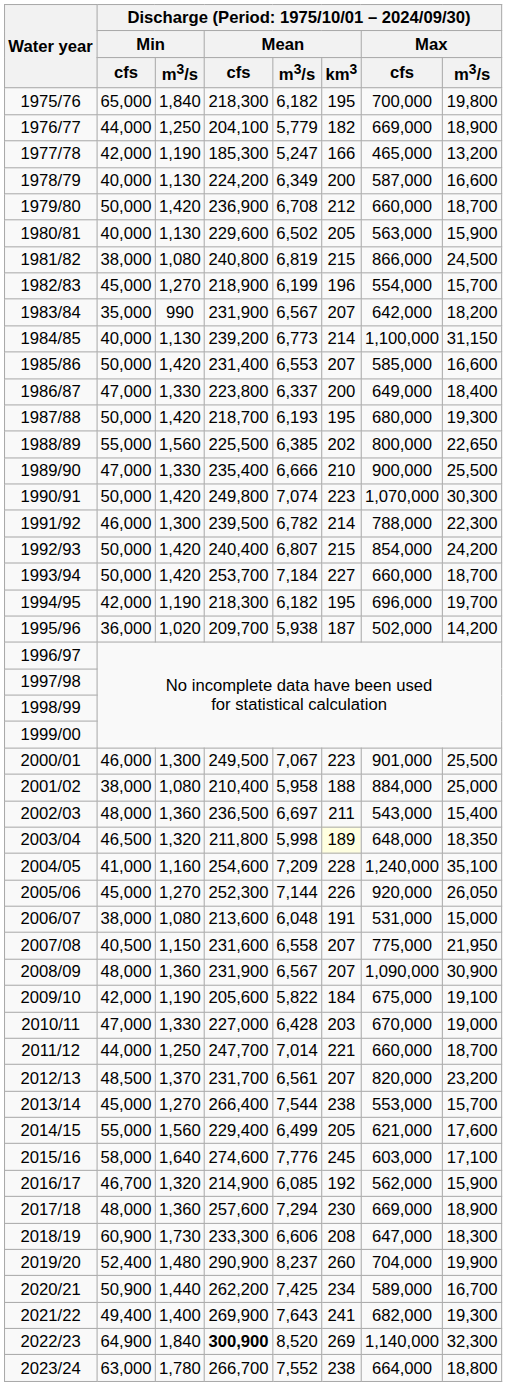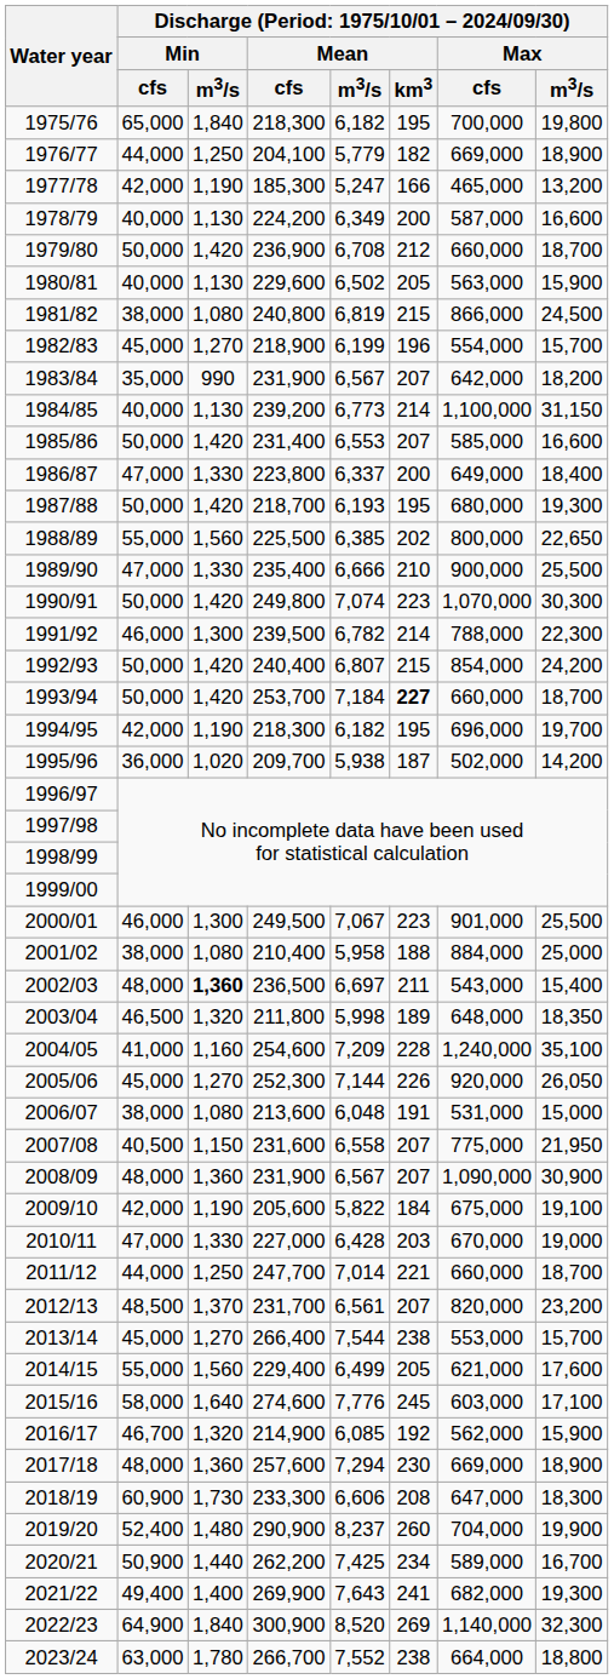 <table class="wikitable" style="text-align:center;">
 <tr>
 <th rowspan="3">Water year</th>
 <th colspan="7">Discharge (Period: 1975/10/01 – 2024/09/30)</th>
 </tr>
 <tr>
 <th colspan="2">Min</th>
 <th colspan="3">Mean</th>
 <th colspan="2">Max</th>
 </tr>
 <tr>
 <th>cfs</th>
 <th>m<sup>3</sup>/s</th>
 <th>cfs</th>
 <th>m<sup>3</sup>/s</th>
 <th>km<sup>3</sup></th>
 <th>cfs</th>
 <th>m<sup>3</sup>/s</th>
 </tr>
 <tr>
 <td>1975/76</td>
 <td>65,000</td>
 <td>1,840</td>
 <td>218,300</td>
 <td>6,182</td>
 <td>195</td>
 <td>700,000</td>
 <td>19,800</td>
 </tr>
 <tr>
 <td>1976/77</td>
 <td>44,000</td>
 <td>1,250</td>
 <td>204,100</td>
 <td>5,779</td>
 <td>182</td>
 <td>669,000</td>
 <td>18,900</td>
 </tr>
 <tr>
 <td>1977/78</td>
 <td>42,000</td>
 <td>1,190</td>
 <td>185,300</td>
 <td>5,247</td>
 <td>166</td>
 <td>465,000</td>
 <td>13,200</td>
 </tr>
 <tr>
 <td>1978/79</td>
 <td>40,000</td>
 <td>1,130</td>
 <td>224,200</td>
 <td>6,349</td>
 <td>200</td>
 <td>587,000</td>
 <td>16,600</td>
 </tr>
 <tr>
 <td>1979/80</td>
 <td>50,000</td>
 <td>1,420</td>
 <td>236,900</td>
 <td>6,708</td>
 <td>212</td>
 <td>660,000</td>
 <td>18,700</td>
 </tr>
 <tr>
 <td>1980/81</td>
 <td>40,000</td>
 <td>1,130</td>
 <td>229,600</td>
 <td>6,502</td>
 <td>205</td>
 <td>563,000</td>
 <td>15,900</td>
 </tr>
 <tr>
 <td>1981/82</td>
 <td>38,000</td>
 <td>1,080</td>
 <td>240,800</td>
 <td>6,819</td>
 <td>215</td>
 <td>866,000</td>
 <td>24,500</td>
 </tr>
 <tr>
 <td>1982/83</td>
 <td>45,000</td>
 <td>1,270</td>
 <td>218,900</td>
 <td>6,199</td>
 <td>196</td>
 <td>554,000</td>
 <td>15,700</td>
 </tr>
 <tr>
 <td>1983/84</td>
 <td>35,000</td>
 <td>990</td>
 <td>231,900</td>
 <td>6,567</td>
 <td>207</td>
 <td>642,000</td>
 <td>18,200</td>
 </tr>
 <tr>
 <td>1984/85</td>
 <td>40,000</td>
 <td>1,130</td>
 <td>239,200</td>
 <td>6,773</td>
 <td>214</td>
 <td>1,100,000</td>
 <td>31,150</td>
 </tr>
 <tr>
 <td>1985/86</td>
 <td>50,000</td>
 <td>1,420</td>
 <td>231,400</td>
 <td>6,553</td>
 <td>207</td>
 <td>585,000</td>
 <td>16,600</td>
 </tr>
 <tr>
 <td>1986/87</td>
 <td>47,000</td>
 <td>1,330</td>
 <td>223,800</td>
 <td>6,337</td>
 <td>200</td>
 <td>649,000</td>
 <td>18,400</td>
 </tr>
 <tr>
 <td>1987/88</td>
 <td>50,000</td>
 <td>1,420</td>
 <td>218,700</td>
 <td>6,193</td>
 <td>195</td>
 <td>680,000</td>
 <td>19,300</td>
 </tr>
 <tr>
 <td>1988/89</td>
 <td>55,000</td>
 <td>1,560</td>
 <td>225,500</td>
 <td>6,385</td>
 <td>202</td>
 <td>800,000</td>
 <td>22,650</td>
 </tr>
 <tr>
 <td>1989/90</td>
 <td>47,000</td>
 <td>1,330</td>
 <td>235,400</td>
 <td>6,666</td>
 <td>210</td>
 <td>900,000</td>
 <td>25,500</td>
 </tr>
 <tr>
 <td>1990/91</td>
 <td>50,000</td>
 <td>1,420</td>
 <td>249,800</td>
 <td>7,074</td>
 <td>223</td>
 <td>1,070,000</td>
 <td>30,300</td>
 </tr>
 <tr>
 <td>1991/92</td>
 <td>46,000</td>
 <td>1,300</td>
 <td>239,500</td>
 <td>6,782</td>
 <td>214</td>
 <td>788,000</td>
 <td>22,300</td>
 </tr>
 <tr>
 <td>1992/93</td>
 <td>50,000</td>
 <td>1,420</td>
 <td>240,400</td>
 <td>6,807</td>
 <td>215</td>
 <td>854,000</td>
 <td>24,200</td>
 </tr>
 <tr>
 <td>1993/94</td>
 <td>50,000</td>
 <td>1,420</td>
 <td>253,700</td>
 <td>7,184</td>
-<td>227</td>
+<td><strong>227</strong></td>
 <td>660,000</td>
 <td>18,700</td>
 </tr>
 <tr>
 <td>1994/95</td>
 <td>42,000</td>
 <td>1,190</td>
 <td>218,300</td>
 <td>6,182</td>
 <td>195</td>
 <td>696,000</td>
 <td>19,700</td>
 </tr>
 <tr>
 <td>1995/96</td>
 <td>36,000</td>
 <td>1,020</td>
 <td>209,700</td>
 <td>5,938</td>
 <td>187</td>
 <td>502,000</td>
 <td>14,200</td>
 </tr>
 <tr>
 <td>1996/97</td>
 <td colspan="7" rowspan="4">No incomplete data have been used<br>for statistical calculation</td>
 </tr>
 <tr>
 <td>1997/98</td>
 </tr>
 <tr>
 <td>1998/99</td>
 </tr>
 <tr>
 <td>1999/00</td>
 </tr>
 <tr>
 <td>2000/01</td>
 <td>46,000</td>
 <td>1,300</td>
 <td>249,500</td>
 <td>7,067</td>
 <td>223</td>
 <td>901,000</td>
 <td>25,500</td>
 </tr>
 <tr>
 <td>2001/02</td>
 <td>38,000</td>
 <td>1,080</td>
 <td>210,400</td>
 <td>5,958</td>
 <td>188</td>
 <td>884,000</td>
 <td>25,000</td>
 </tr>
 <tr>
 <td>2002/03</td>
 <td>48,000</td>
-<td>1,360</td>
+<td><strong>1,360</strong></td>
 <td>236,500</td>
 <td>6,697</td>
 <td>211</td>
 <td>543,000</td>
 <td>15,400</td>
 </tr>
 <tr>
 <td>2003/04</td>
 <td>46,500</td>
 <td>1,320</td>
 <td>211,800</td>
 <td>5,998</td>
-<td style="background: lightyellow;">189</td>
+<td>189</td>
 <td>648,000</td>
 <td>18,350</td>
 </tr>
 <tr>
 <td>2004/05</td>
 <td>41,000</td>
 <td>1,160</td>
 <td>254,600</td>
 <td>7,209</td>
 <td>228</td>
 <td>1,240,000</td>
 <td>35,100</td>
 </tr>
 <tr>
 <td>2005/06</td>
 <td>45,000</td>
 <td>1,270</td>
 <td>252,300</td>
 <td>7,144</td>
 <td>226</td>
 <td>920,000</td>
 <td>26,050</td>
 </tr>
 <tr>
 <td>2006/07</td>
 <td>38,000</td>
 <td>1,080</td>
 <td>213,600</td>
 <td>6,048</td>
 <td>191</td>
 <td>531,000</td>
 <td>15,000</td>
 </tr>
 <tr>
 <td>2007/08</td>
 <td>40,500</td>
 <td>1,150</td>
 <td>231,600</td>
 <td>6,558</td>
 <td>207</td>
 <td>775,000</td>
 <td>21,950</td>
 </tr>
 <tr>
 <td>2008/09</td>
 <td>48,000</td>
 <td>1,360</td>
 <td>231,900</td>
 <td>6,567</td>
 <td>207</td>
 <td>1,090,000</td>
 <td>30,900</td>
 </tr>
 <tr>
 <td>2009/10</td>
 <td>42,000</td>
 <td>1,190</td>
 <td>205,600</td>
 <td>5,822</td>
 <td>184</td>
 <td>675,000</td>
 <td>19,100</td>
 </tr>
 <tr>
 <td>2010/11</td>
 <td>47,000</td>
 <td>1,330</td>
 <td>227,000</td>
 <td>6,428</td>
 <td>203</td>
 <td>670,000</td>
 <td>19,000</td>
 </tr>
 <tr>
 <td>2011/12</td>
 <td>44,000</td>
 <td>1,250</td>
 <td>247,700</td>
 <td>7,014</td>
 <td>221</td>
 <td>660,000</td>
 <td>18,700</td>
 </tr>
 <tr>
 <td>2012/13</td>
 <td>48,500</td>
 <td>1,370</td>
 <td>231,700</td>
 <td>6,561</td>
 <td>207</td>
 <td>820,000</td>
 <td>23,200</td>
 </tr>
 <tr>
 <td>2013/14</td>
 <td>45,000</td>
 <td>1,270</td>
 <td>266,400</td>
 <td>7,544</td>
 <td>238</td>
 <td>553,000</td>
 <td>15,700</td>
 </tr>
 <tr>
 <td>2014/15</td>
 <td>55,000</td>
 <td>1,560</td>
 <td>229,400</td>
 <td>6,499</td>
 <td>205</td>
 <td>621,000</td>
 <td>17,600</td>
 </tr>
 <tr>
 <td>2015/16</td>
 <td>58,000</td>
 <td>1,640</td>
 <td>274,600</td>
 <td>7,776</td>
 <td>245</td>
 <td>603,000</td>
 <td>17,100</td>
 </tr>
 <tr>
 <td>2016/17</td>
 <td>46,700</td>
 <td>1,320</td>
 <td>214,900</td>
 <td>6,085</td>
 <td>192</td>
 <td>562,000</td>
 <td>15,900</td>
 </tr>
 <tr>
 <td>2017/18</td>
 <td>48,000</td>
 <td>1,360</td>
 <td>257,600</td>
 <td>7,294</td>
 <td>230</td>
 <td>669,000</td>
 <td>18,900</td>
 </tr>
 <tr>
 <td>2018/19</td>
 <td>60,900</td>
 <td>1,730</td>
 <td>233,300</td>
 <td>6,606</td>
 <td>208</td>
 <td>647,000</td>
 <td>18,300</td>
 </tr>
 <tr>
 <td>2019/20</td>
 <td>52,400</td>
 <td>1,480</td>
 <td>290,900</td>
 <td>8,237</td>
 <td>260</td>
 <td>704,000</td>
 <td>19,900</td>
 </tr>
 <tr>
 <td>2020/21</td>
 <td>50,900</td>
 <td>1,440</td>
 <td>262,200</td>
 <td>7,425</td>
 <td>234</td>
 <td>589,000</td>
 <td>16,700</td>
 </tr>
 <tr>
 <td>2021/22</td>
 <td>49,400</td>
 <td>1,400</td>
 <td>269,900</td>
 <td>7,643</td>
 <td>241</td>
 <td>682,000</td>
 <td>19,300</td>
 </tr>
 <tr>
 <td>2022/23</td>
 <td>64,900</td>
 <td>1,840</td>
-<td><strong>300,900</strong></td>
+<td>300,900</td>
 <td>8,520</td>
 <td>269</td>
 <td>1,140,000</td>
 <td>32,300</td>
 </tr>
 <tr>
 <td>2023/24</td>
 <td>63,000</td>
 <td>1,780</td>
 <td>266,700</td>
 <td>7,552</td>
 <td>238</td>
 <td>664,000</td>
 <td>18,800</td>
 </tr>
 </table>
